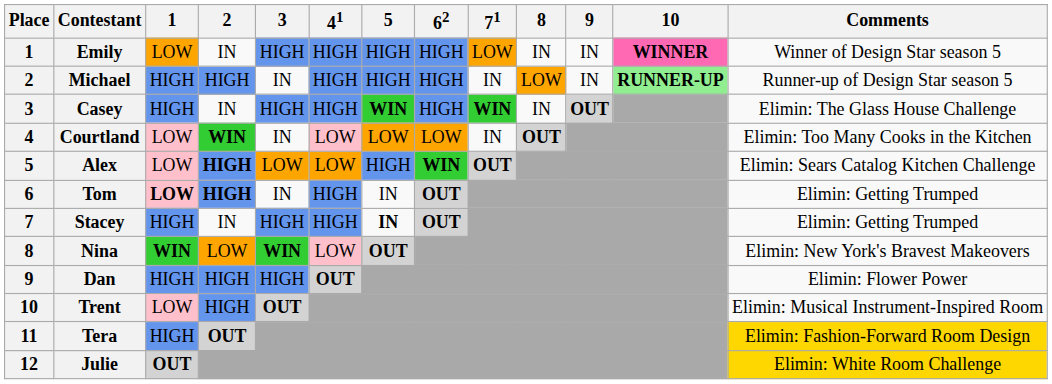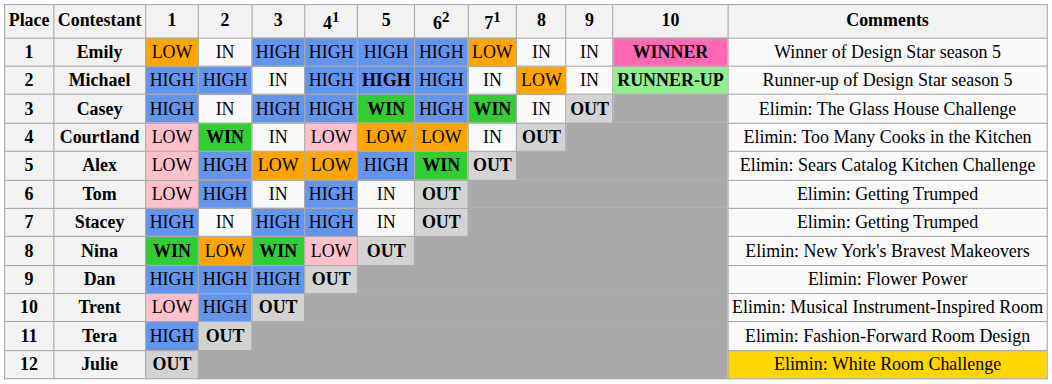 <table class="wikitable" style="text-align:center">
 <tr>
 <th>Place</th>
 <th>Contestant</th>
 <th>1</th>
 <th>2</th>
 <th>3</th>
 <th>4<sup>1</sup></th>
 <th>5</th>
 <th>6<sup>2</sup></th>
 <th>7<sup>1</sup></th>
 <th>8</th>
 <th>9</th>
 <th>10</th>
 <th>Comments</th>
 </tr>
 <tr>
 <th>1</th>
 <th>Emily</th>
 <td style = "background:orange;">LOW</td>
 <td>IN</td>
 <td style = "background:cornflowerblue;">HIGH</td>
 <td style = "background:cornflowerblue;">HIGH</td>
 <td style = "background:cornflowerblue;">HIGH</td>
 <td style = "background:cornflowerblue;">HIGH</td>
 <td style = "background:orange;">LOW</td>
 <td>IN</td>
 <td>IN</td>
 <td style="background:hotpink;"><strong>WINNER</strong></td>
 <td>Winner of Design Star season 5</td>
 </tr>
 <tr>
 <th>2</th>
 <th>Michael</th>
 <td style = "background:cornflowerblue;">HIGH</td>
 <td style = "background:cornflowerblue;">HIGH</td>
 <td>IN</td>
 <td style = "background:cornflowerblue;">HIGH</td>
-<td style = "background:cornflowerblue;">HIGH</td>
+<td style = "background:cornflowerblue;"><strong>HIGH</strong></td>
 <td style = "background:cornflowerblue;">HIGH</td>
 <td>IN</td>
 <td style = "background:orange;">LOW</td>
 <td>IN</td>
 <td style="background:lightgreen;"><strong>RUNNER-UP</strong></td>
 <td>Runner-up of Design Star season 5</td>
 </tr>
 <tr>
 <th>3</th>
 <th>Casey</th>
 <td style = "background:cornflowerblue;">HIGH</td>
 <td>IN</td>
 <td style = "background:cornflowerblue;">HIGH</td>
 <td style = "background:cornflowerblue;">HIGH</td>
 <td style = "background:limegreen;"><strong>WIN</strong></td>
 <td style = "background:cornflowerblue;">HIGH</td>
 <td style = "background:limegreen;"><strong>WIN</strong></td>
 <td>IN</td>
 <td style="background:lightgrey;"><strong>OUT</strong></td>
 <td style="background:darkgrey;"></td>
 <td>Elimin: The Glass House Challenge</td>
 </tr>
 <tr>
 <th>4</th>
 <th>Courtland</th>
 <td style = "background:pink;">LOW</td>
 <td style = "background:limegreen;"><strong>WIN</strong></td>
 <td>IN</td>
 <td style = "background:pink;">LOW</td>
 <td style = "background:orange;">LOW</td>
 <td style = "background:orange;">LOW</td>
 <td>IN</td>
 <td style="background:lightgrey;"><strong>OUT</strong></td>
 <td colspan="2" style="background:darkgrey;"></td>
 <td>Elimin: Too Many Cooks in the Kitchen</td>
 </tr>
 <tr>
 <th>5</th>
 <th>Alex</th>
 <td style = "background:pink;">LOW</td>
-<td style = "background:cornflowerblue;"><strong>HIGH</strong></td>
+<td style = "background:cornflowerblue;">HIGH</td>
 <td style = "background:orange;">LOW</td>
 <td style = "background:orange;">LOW</td>
 <td style = "background:cornflowerblue;">HIGH</td>
 <td style = "background:limegreen;"><strong>WIN</strong></td>
 <td style="background:lightgrey;"><strong>OUT</strong></td>
 <td colspan="3" style="background:darkgrey;"></td>
 <td>Elimin: Sears Catalog Kitchen Challenge</td>
 </tr>
 <tr>
 <th>6</th>
 <th>Tom</th>
-<td style = "background:pink;"><strong>LOW</strong></td>
-<td style = "background:cornflowerblue;"><strong>HIGH</strong></td>
+<td style = "background:pink;">LOW</td>
+<td style = "background:cornflowerblue;">HIGH</td>
 <td>IN</td>
 <td style = "background:cornflowerblue;">HIGH</td>
 <td>IN</td>
 <td style="background:lightgrey;"><strong>OUT</strong></td>
 <td colspan="4" style="background:darkgrey;"></td>
 <td>Elimin: Getting Trumped</td>
 </tr>
 <tr>
 <th>7</th>
 <th>Stacey</th>
 <td style = "background:cornflowerblue;">HIGH</td>
 <td>IN</td>
 <td style = "background:cornflowerblue;">HIGH</td>
 <td style = "background:cornflowerblue;">HIGH</td>
-<td><strong>IN</strong></td>
+<td>IN</td>
 <td style="background:lightgrey;"><strong>OUT</strong></td>
 <td colspan="4" style="background:darkgrey;"></td>
 <td>Elimin: Getting Trumped</td>
 </tr>
 <tr>
 <th>8</th>
 <th>Nina</th>
 <td style = "background:limegreen;"><strong>WIN</strong></td>
 <td style = "background:orange;">LOW</td>
 <td style = "background:limegreen;"><strong>WIN</strong></td>
 <td style = "background:pink;">LOW</td>
 <td style="background:lightgrey;"><strong>OUT</strong></td>
 <td colspan="5" style="background:darkgrey;"></td>
 <td>Elimin: New York's Bravest Makeovers</td>
 </tr>
 <tr>
 <th>9</th>
 <th>Dan</th>
 <td style = "background:cornflowerblue;">HIGH</td>
 <td style = "background:cornflowerblue;">HIGH</td>
 <td style = "background:cornflowerblue;">HIGH</td>
 <td style="background:lightgrey;"><strong>OUT</strong></td>
 <td colspan="6" style="background:darkgrey;"></td>
 <td>Elimin: Flower Power</td>
 </tr>
 <tr>
 <th>10</th>
 <th>Trent</th>
 <td style = "background:pink;">LOW</td>
 <td style = "background:cornflowerblue;">HIGH</td>
 <td style="background:lightgrey;"><strong>OUT</strong></td>
 <td colspan="7" style="background:darkgrey;"></td>
 <td>Elimin: Musical Instrument-Inspired Room</td>
 </tr>
 <tr>
 <th>11</th>
 <th>Tera</th>
 <td style = "background:cornflowerblue;">HIGH</td>
 <td style="background:lightgrey;"><strong>OUT</strong></td>
 <td colspan="8" style="background:darkgrey;"></td>
-<td style="background: gold;">Elimin: Fashion-Forward Room Design</td>
+<td>Elimin: Fashion-Forward Room Design</td>
 </tr>
 <tr>
 <th>12</th>
 <th>Julie</th>
 <td style="background:lightgrey;"><strong>OUT</strong></td>
 <td colspan="9" style="background:darkgrey;"></td>
 <td style="background: gold;">Elimin: White Room Challenge</td>
 </tr>
 </table>
